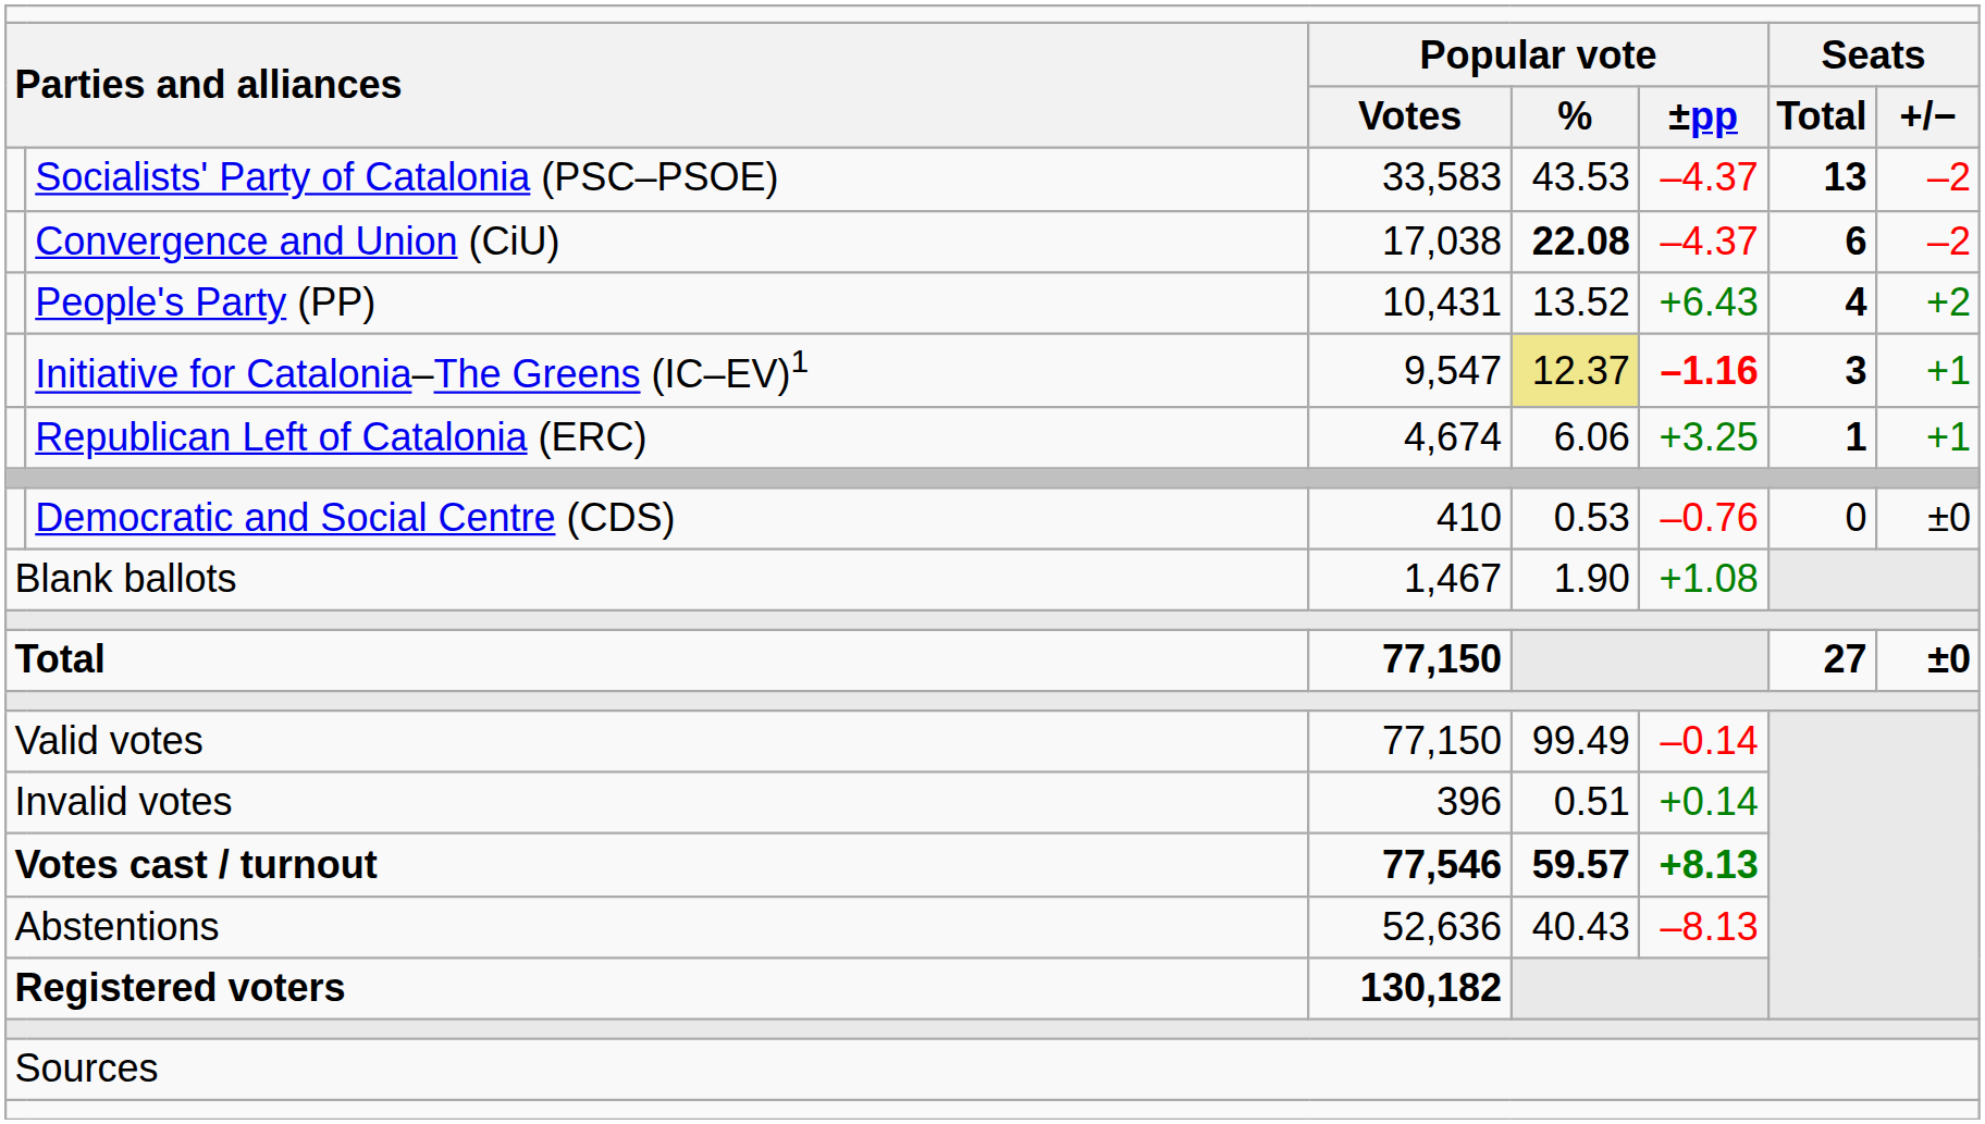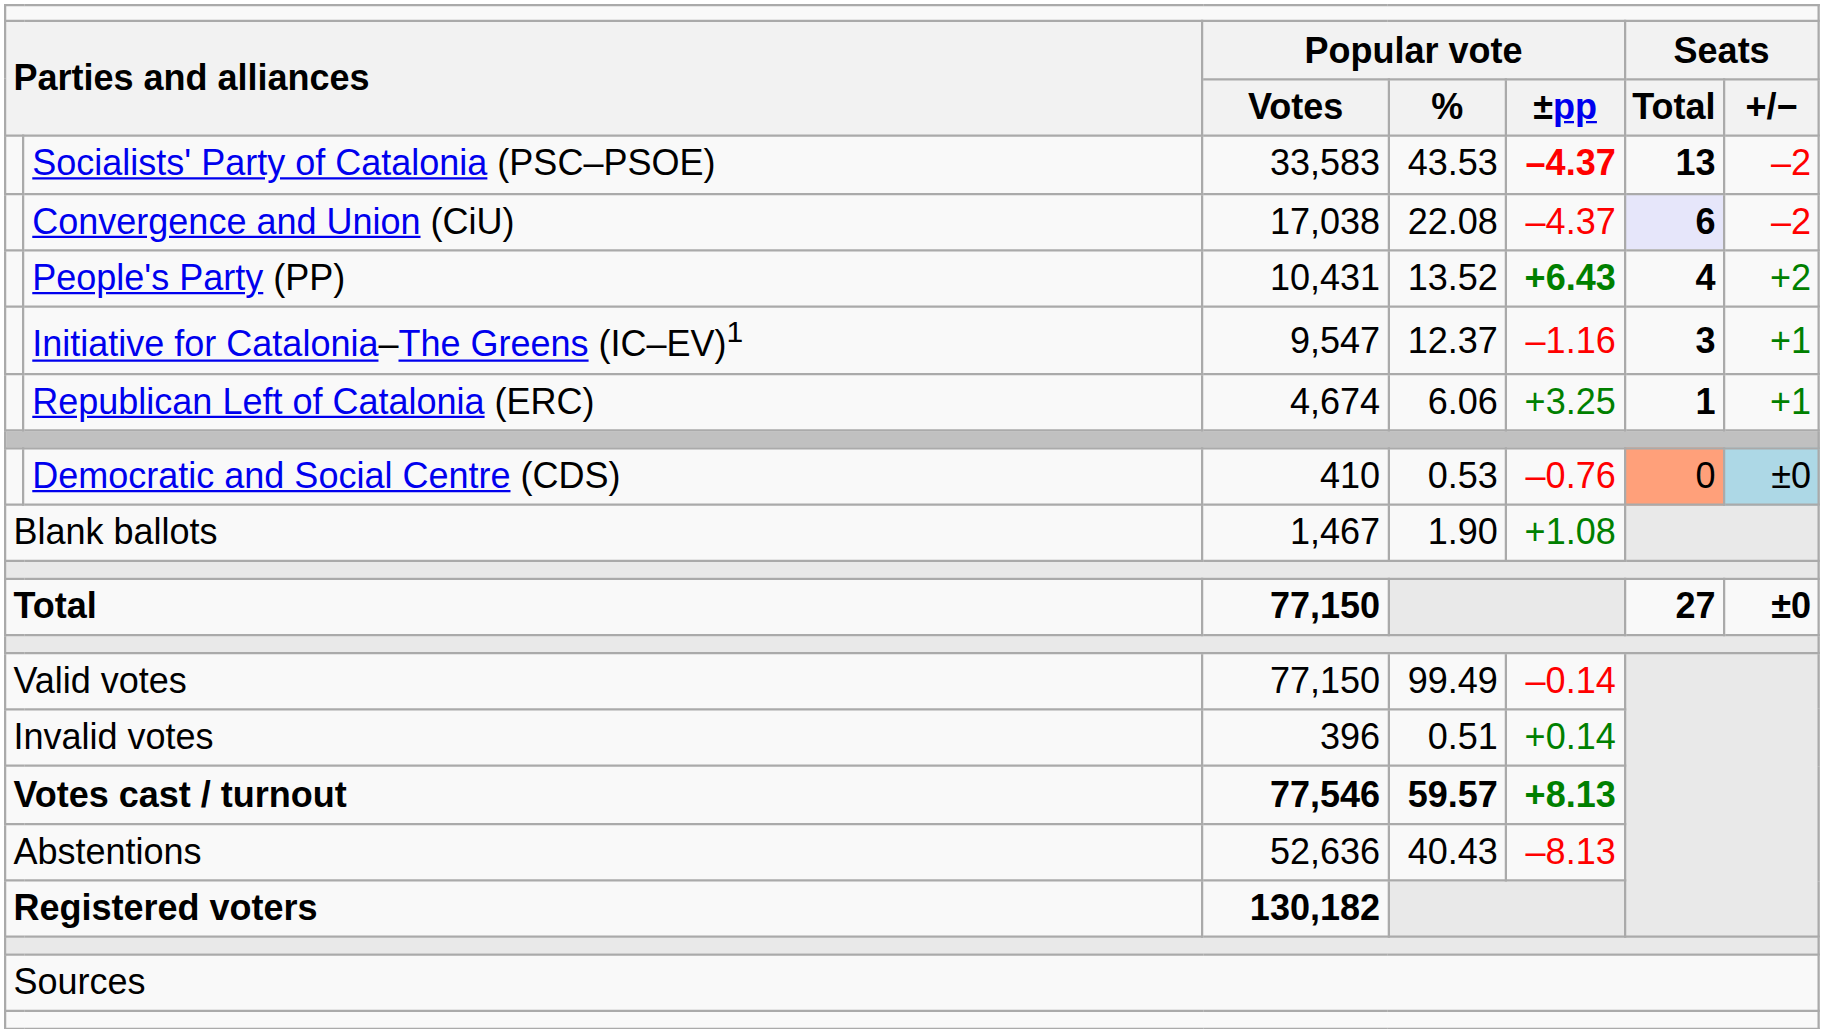 <table class="wikitable" style="text-align:right;">
 <tr>
 <td colspan="7"></td>
 </tr>
 <tr>
 <th style="text-align:left;" rowspan="2" colspan="2" width="525">Parties and alliances</th>
 <th colspan="3">Popular vote</th>
 <th colspan="2">Seats</th>
 </tr>
 <tr>
 <th width="75">Votes</th>
 <th width="45">%</th>
 <th width="45">±<a href='#'>pp</a></th>
 <th width="35">Total</th>
 <th width="35">+/−</th>
 </tr>
 <tr>
 <td width="1" style="color:inherit;background:"></td>
 <td align="left"><a href='#'>Socialists' Party of Catalonia</a> (PSC–PSOE)</td>
 <td>33,583</td>
 <td>43.53</td>
-<td style="color:red;">–4.37</td>
+<td style="color:red;"><strong>–4.37</strong></td>
 <td><strong>13</strong></td>
 <td style="color:red;">–2</td>
 </tr>
 <tr>
 <td style="color:inherit;background:"></td>
 <td align="left"><a href='#'>Convergence and Union</a> (CiU)</td>
 <td>17,038</td>
-<td><strong>22.08</strong></td>
+<td>22.08</td>
 <td style="color:red;">–4.37</td>
-<td><strong>6</strong></td>
+<td style="background: lavender;"><strong>6</strong></td>
 <td style="color:red;">–2</td>
 </tr>
 <tr>
 <td style="color:inherit;background:"></td>
 <td align="left"><a href='#'>People's Party</a> (PP)</td>
 <td>10,431</td>
 <td>13.52</td>
-<td style="color:green;">+6.43</td>
+<td style="color:green;"><strong>+6.43</strong></td>
 <td><strong>4</strong></td>
 <td style="color:green;">+2</td>
 </tr>
 <tr>
 <td style="color:inherit;background:"></td>
 <td align="left"><a href='#'>Initiative for Catalonia</a>–<a href='#'>The Greens</a> (IC–EV)<sup>1</sup></td>
 <td>9,547</td>
-<td style="background: khaki;">12.37</td>
-<td style="color:red;"><strong>–1.16</strong></td>
+<td>12.37</td>
+<td style="color:red;">–1.16</td>
 <td><strong>3</strong></td>
 <td style="color:green;">+1</td>
 </tr>
 <tr>
 <td style="color:inherit;background:"></td>
 <td align="left"><a href='#'>Republican Left of Catalonia</a> (ERC)</td>
 <td>4,674</td>
 <td>6.06</td>
 <td style="color:green;">+3.25</td>
 <td><strong>1</strong></td>
 <td style="color:green;">+1</td>
 </tr>
 <tr>
 <td colspan="7" style="color:inherit;background:#C0C0C0"></td>
 </tr>
 <tr>
 <td style="color:inherit;background:"></td>
 <td align="left"><a href='#'>Democratic and Social Centre</a> (CDS)</td>
 <td>410</td>
 <td>0.53</td>
 <td style="color:red;">–0.76</td>
-<td>0</td>
-<td>±0</td>
+<td style="background: lightsalmon;">0</td>
+<td style="background: lightblue;">±0</td>
 </tr>
 <tr>
 <td align="left" colspan="2">Blank ballots</td>
 <td>1,467</td>
 <td>1.90</td>
 <td style="color:green;">+1.08</td>
 <td style="color:inherit;background:#E9E9E9" colspan="2"></td>
 </tr>
 <tr>
 <td colspan="7" style="color:inherit;background:#E9E9E9"></td>
 </tr>
 <tr style="font-weight:bold;">
 <td align="left" colspan="2">Total</td>
 <td>77,150</td>
 <td bgcolor="#E9E9E9" colspan="2"></td>
 <td>27</td>
 <td>±0</td>
 </tr>
 <tr>
 <td colspan="7" style="color:inherit;background:#E9E9E9"></td>
 </tr>
 <tr>
 <td align="left" colspan="2">Valid votes</td>
 <td>77,150</td>
 <td>99.49</td>
 <td style="color:red;">–0.14</td>
 <td bgcolor="#E9E9E9" colspan="2" rowspan="5"></td>
 </tr>
 <tr>
 <td align="left" colspan="2">Invalid votes</td>
 <td>396</td>
 <td>0.51</td>
 <td style="color:green;">+0.14</td>
 </tr>
 <tr style="font-weight:bold;">
 <td align="left" colspan="2">Votes cast / turnout</td>
 <td>77,546</td>
 <td>59.57</td>
 <td style="color:green;">+8.13</td>
 </tr>
 <tr>
 <td align="left" colspan="2">Abstentions</td>
 <td>52,636</td>
 <td>40.43</td>
 <td style="color:red;">–8.13</td>
 </tr>
 <tr style="font-weight:bold;">
 <td align="left" colspan="2">Registered voters</td>
 <td>130,182</td>
 <td bgcolor="#E9E9E9" colspan="2"></td>
 </tr>
 <tr>
 <td colspan="7" style="color:inherit;background:#E9E9E9"></td>
 </tr>
 <tr>
 <td align="left" colspan="7">Sources</td>
 </tr>
 <tr>
 <td colspan="7" style="text-align:left; max-width:790px;"></td>
 </tr>
 </table>
